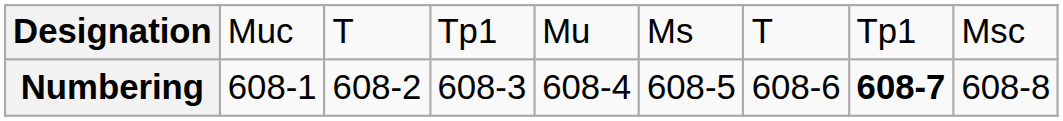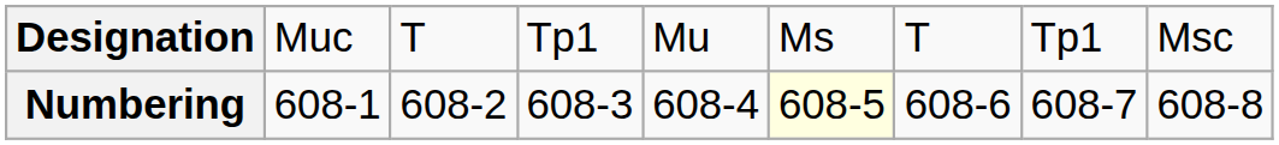 <table class="wikitable">
 <tr>
 <th>Designation</th>
 <td>Muc</td>
 <td>T</td>
 <td>Tp1</td>
 <td>Mu</td>
 <td>Ms</td>
 <td>T</td>
 <td>Tp1</td>
 <td>Msc</td>
 </tr>
 <tr>
 <th>Numbering</th>
 <td>608-1</td>
 <td>608-2</td>
 <td>608-3</td>
 <td>608-4</td>
-<td>608-5</td>
+<td style="background: lightyellow;">608-5</td>
 <td>608-6</td>
-<td><strong>608-7</strong></td>
+<td>608-7</td>
 <td>608-8</td>
 </tr>
 </table>
